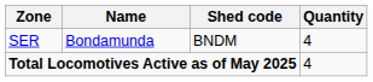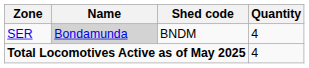 <table class="wikitable">
 <tr>
 <th>Zone</th>
 <th>Name</th>
 <th>Shed code</th>
 <th>Quantity</th>
 </tr>
 <tr>
 <td><a href='#'>SER</a></td>
-<td><a href='#'>Bondamunda</a></td>
+<td style="background: lightgrey;"><a href='#'>Bondamunda</a></td>
 <td>BNDM</td>
 <td>4</td>
 </tr>
 <tr>
 <td colspan="3"><strong>Total Locomotives Active as of May 2025</strong></td>
 <td>4</td>
 </tr>
 </table>
